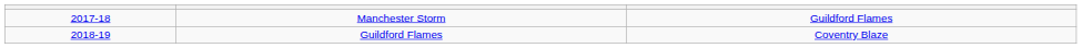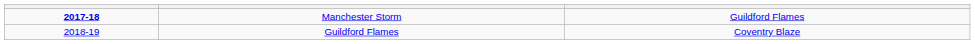 <table class="wikitable" style="width: 100%">
 <tr>
 <th width="16%"></th>
 <th width="42%"></th>
 <th width="42%"></th>
 </tr>
 <tr align=center>
-<td><a href='#'>2017-18</a></td>
+<td><strong><a href='#'>2017-18</a></strong></td>
 <td><a href='#'>Manchester Storm</a></td>
 <td><a href='#'>Guildford Flames</a></td>
 </tr>
 <tr align=center>
 <td><a href='#'>2018-19</a></td>
 <td><a href='#'>Guildford Flames</a></td>
 <td><a href='#'>Coventry Blaze</a></td>
 </tr>
 </table>
